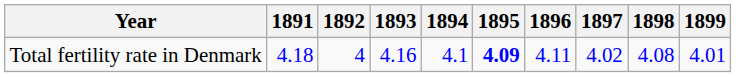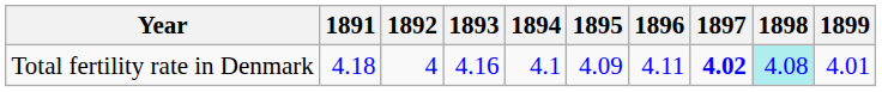 <table class="wikitable " style="text-align:right">
 <tr>
 <th>Year</th>
 <th>1891</th>
 <th>1892</th>
 <th>1893</th>
 <th>1894</th>
 <th>1895</th>
 <th>1896</th>
 <th>1897</th>
 <th>1898</th>
 <th>1899</th>
 </tr>
 <tr>
 <td align="left">Total fertility rate in Denmark</td>
 <td style="text-align:right; color:blue;">4.18</td>
 <td style="text-align:right; color:blue;">4</td>
 <td style="text-align:right; color:blue;">4.16</td>
 <td style="text-align:right; color:blue;">4.1</td>
-<td style="text-align:right; color:blue;"><strong>4.09</strong></td>
+<td style="text-align:right; color:blue;">4.09</td>
 <td style="text-align:right; color:blue;">4.11</td>
-<td style="text-align:right; color:blue;">4.02</td>
-<td style="text-align:right; color:blue;">4.08</td>
+<td style="text-align:right; color:blue;"><strong>4.02</strong></td>
+<td style="background: paleturquoise; text-align:right; color:blue;">4.08</td>
 <td style="text-align:right; color:blue;">4.01</td>
 </tr>
 </table>
